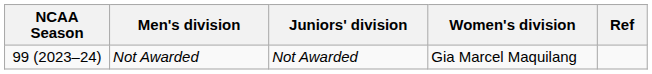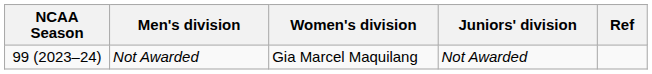 <table class="wikitable" width="70%" style="font-size:90%;">
 <tr>
 <th width=2.4%>NCAA Season</th>
 <th width="5.0%">Men's division</th>
+<th width="5.0%">Women's division</th>
 <th width="5.0%">Juniors' division</th>
-<th width="5.0%">Women's division</th>
 <th width="1.0%">Ref</th>
 </tr>
 <tr>
 <td align=center>99 (2023–24)</td>
 <td><em>Not Awarded</em></td>
+<td> Gia Marcel Maquilang</td>
 <td><em>Not Awarded</em></td>
-<td> Gia Marcel Maquilang</td>
 <td></td>
 </tr>
 </table>
